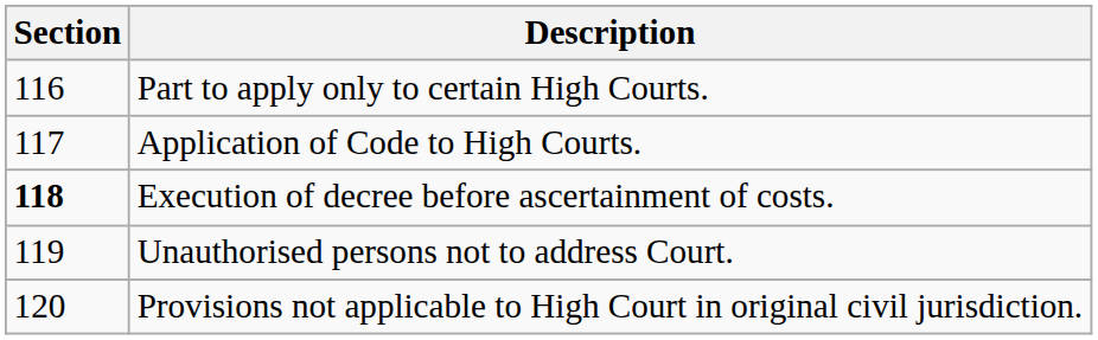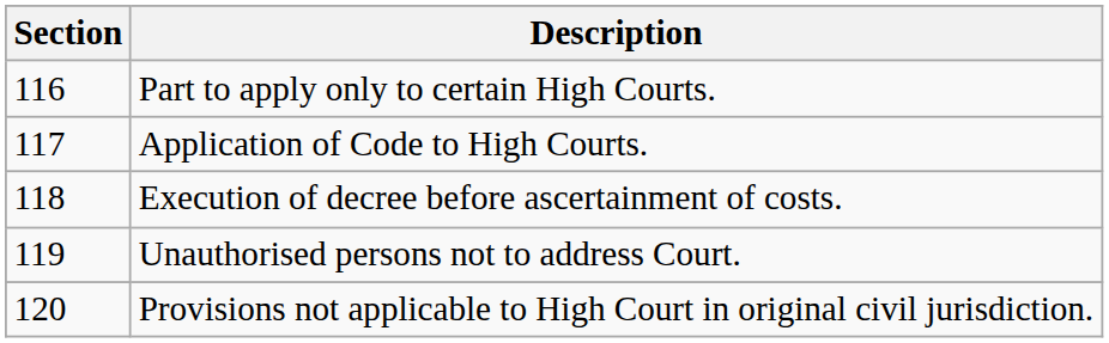 <table class="wikitable">
 <tr>
 <th>Section</th>
 <th>Description</th>
 </tr>
 <tr>
 <td>116</td>
 <td>Part to apply only to certain High Courts.</td>
 </tr>
 <tr>
 <td>117</td>
 <td>Application of Code to High Courts.</td>
 </tr>
 <tr>
-<td><strong>118</strong></td>
+<td>118</td>
 <td>Execution of decree before ascertainment of costs.</td>
 </tr>
 <tr>
 <td>119</td>
 <td>Unauthorised persons not to address Court.</td>
 </tr>
 <tr>
 <td>120</td>
 <td>Provisions not applicable to High Court in original civil jurisdiction.</td>
 </tr>
 </table>
